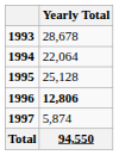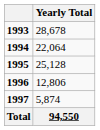 <table class="wikitable">
 <tr>
 <th></th>
 <th>Yearly Total</th>
 </tr>
 <tr>
 <td><strong>1993</strong></td>
 <td>28,678</td>
 </tr>
 <tr>
 <td><strong>1994</strong></td>
 <td>22,064</td>
 </tr>
 <tr>
 <td><strong>1995</strong></td>
 <td>25,128</td>
 </tr>
 <tr>
 <td><strong>1996</strong></td>
-<td><strong>12,806</strong></td>
+<td>12,806</td>
 </tr>
 <tr>
 <td><strong>1997</strong></td>
 <td>5,874</td>
 </tr>
 <tr>
 <th>Total</th>
 <th><u>94,550</u></th>
 </tr>
 </table>
